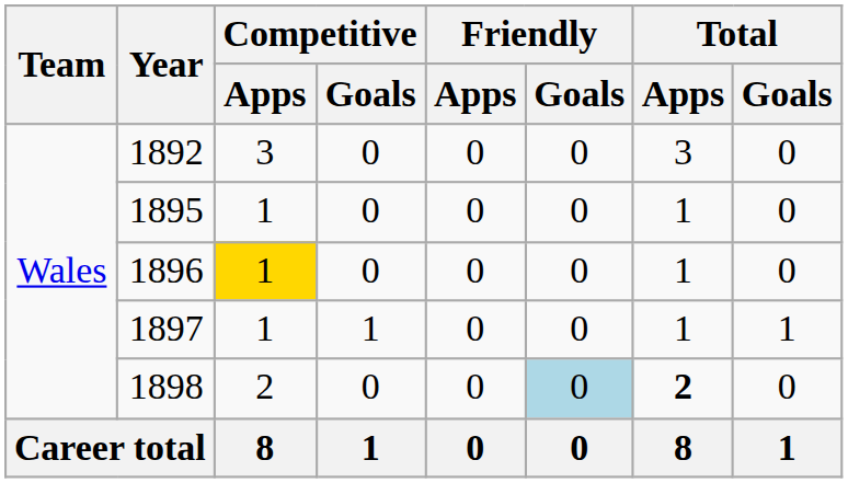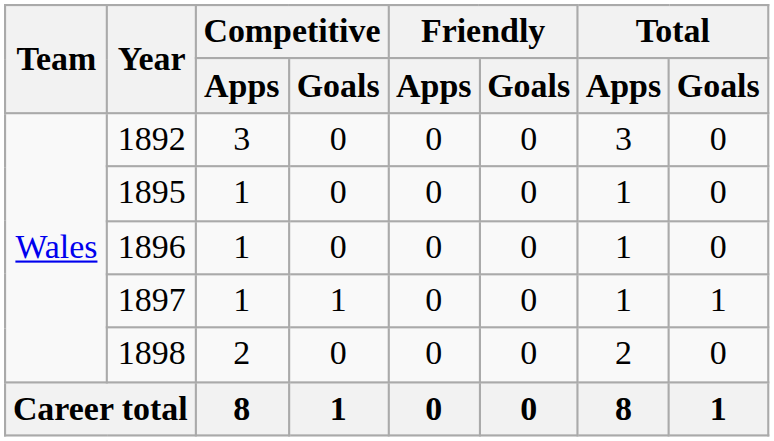 <table class="wikitable" style="text-align:center">
 <tr>
 <th rowspan=2>Team</th>
 <th rowspan=2>Year</th>
 <th colspan=2>Competitive</th>
 <th colspan=2>Friendly</th>
 <th colspan=2>Total</th>
 </tr>
 <tr>
 <th>Apps</th>
 <th>Goals</th>
 <th>Apps</th>
 <th>Goals</th>
 <th>Apps</th>
 <th>Goals</th>
 </tr>
 <tr>
 <td rowspan="5"><a href='#'>Wales</a></td>
 <td>1892</td>
 <td>3</td>
 <td>0</td>
 <td>0</td>
 <td>0</td>
 <td>3</td>
 <td>0</td>
 </tr>
 <tr>
 <td>1895</td>
 <td>1</td>
 <td>0</td>
 <td>0</td>
 <td>0</td>
 <td>1</td>
 <td>0</td>
 </tr>
 <tr>
 <td>1896</td>
-<td style="background: gold;">1</td>
+<td>1</td>
 <td>0</td>
 <td>0</td>
 <td>0</td>
 <td>1</td>
 <td>0</td>
 </tr>
 <tr>
 <td>1897</td>
 <td>1</td>
 <td>1</td>
 <td>0</td>
 <td>0</td>
 <td>1</td>
 <td>1</td>
 </tr>
 <tr>
 <td>1898</td>
 <td>2</td>
 <td>0</td>
 <td>0</td>
-<td style="background: lightblue;">0</td>
-<td><strong>2</strong></td>
+<td>0</td>
+<td>2</td>
 <td>0</td>
 </tr>
 <tr>
 <th colspan=2>Career total</th>
 <th>8</th>
 <th>1</th>
 <th>0</th>
 <th>0</th>
 <th>8</th>
 <th>1</th>
 </tr>
 </table>
